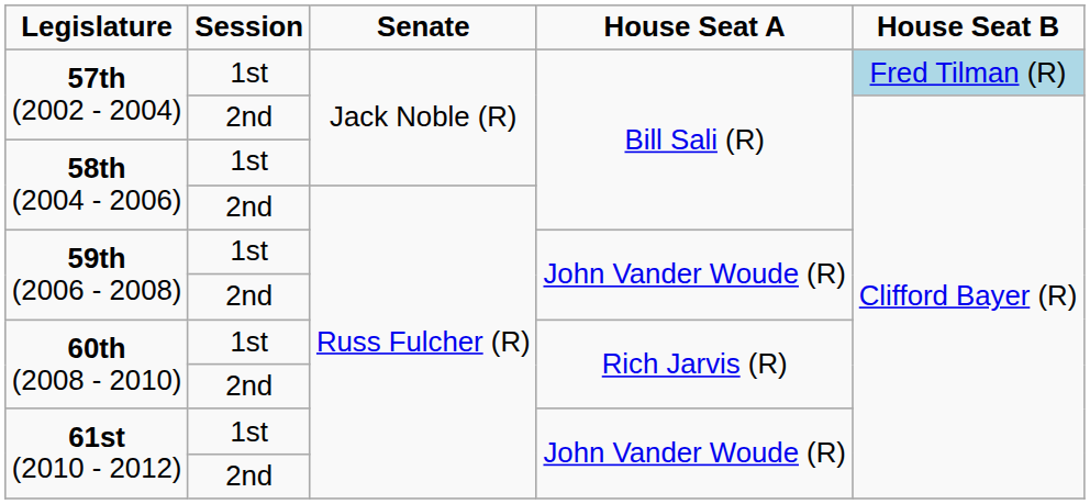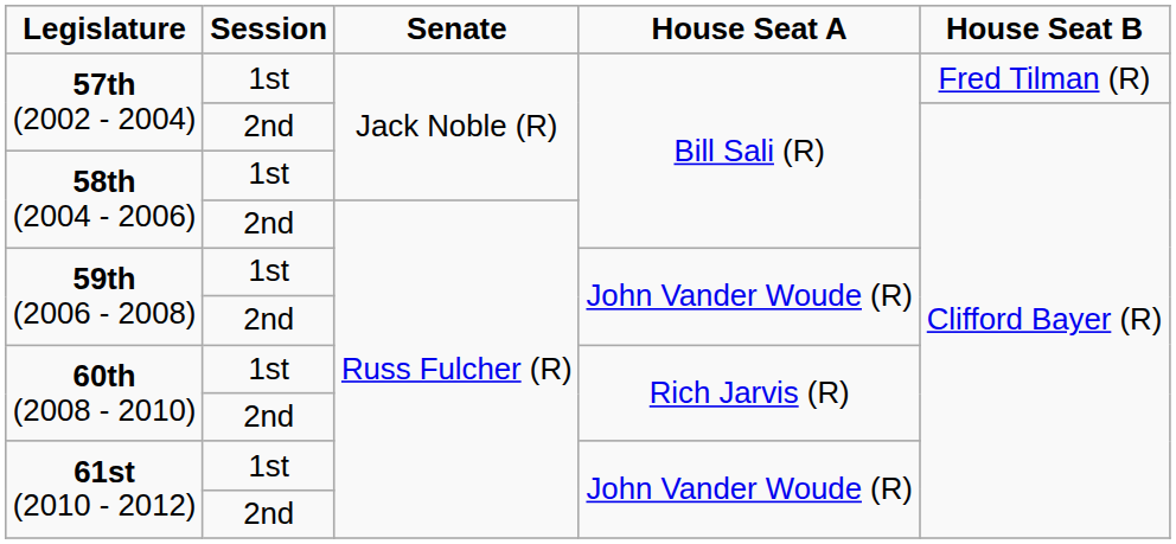 <table class=wikitable style="text-align:center">
 <tr>
 <td><strong>Legislature</strong></td>
 <td><strong>Session</strong></td>
 <td><strong>Senate</strong></td>
 <td><strong>House Seat A</strong></td>
 <td><strong>House Seat B</strong></td>
 </tr>
 <tr>
 <td rowspan="2" colspan="1" style="text-align: center;"><strong>57th</strong> <br> (2002 - 2004)</td>
 <td>1st</td>
 <td rowspan="3" colspan="1" style="text-align: center;" >Jack Noble (R)</td>
 <td rowspan="4" colspan="1" style="text-align: center;" ><a href='#'>Bill Sali</a> (R)</td>
-<td rowspan="1" colspan="1" style="background: lightblue; text-align: center;" ><a href='#'>Fred Tilman</a> (R)</td>
+<td rowspan="1" colspan="1" style="text-align: center;" ><a href='#'>Fred Tilman</a> (R)</td>
 </tr>
 <tr>
 <td>2nd</td>
 <td rowspan="9" colspan="1" style="text-align: center;" ><a href='#'>Clifford Bayer</a> (R)</td>
 </tr>
 <tr>
 <td rowspan="2" colspan="1" style="text-align: center;"><strong>58th</strong> <br> (2004 - 2006)</td>
 <td>1st</td>
 </tr>
 <tr>
 <td>2nd</td>
 <td rowspan="7" colspan="1" style="text-align: center;" ><a href='#'>Russ Fulcher</a> (R)</td>
 </tr>
 <tr>
 <td rowspan="2" colspan="1" style="text-align: center;"><strong>59th</strong> <br> (2006 - 2008)</td>
 <td>1st</td>
 <td rowspan="2" colspan="1" style="text-align: center;" ><a href='#'>John Vander Woude</a> (R)</td>
 </tr>
 <tr>
 <td>2nd</td>
 </tr>
 <tr>
 <td rowspan="2" colspan="1" style="text-align: center;"><strong>60th</strong> <br> (2008 - 2010)</td>
 <td>1st</td>
 <td rowspan="2" colspan="1" style="text-align: center;" ><a href='#'>Rich Jarvis</a> (R)</td>
 </tr>
 <tr>
 <td>2nd</td>
 </tr>
 <tr>
 <td rowspan="2" colspan="1" style="text-align: center;"><strong>61st</strong> <br> (2010 - 2012)</td>
 <td>1st</td>
 <td rowspan="2" colspan="1" style="text-align: center;" ><a href='#'>John Vander Woude</a> (R)</td>
 </tr>
 <tr>
 <td>2nd</td>
 </tr>
 </table>
